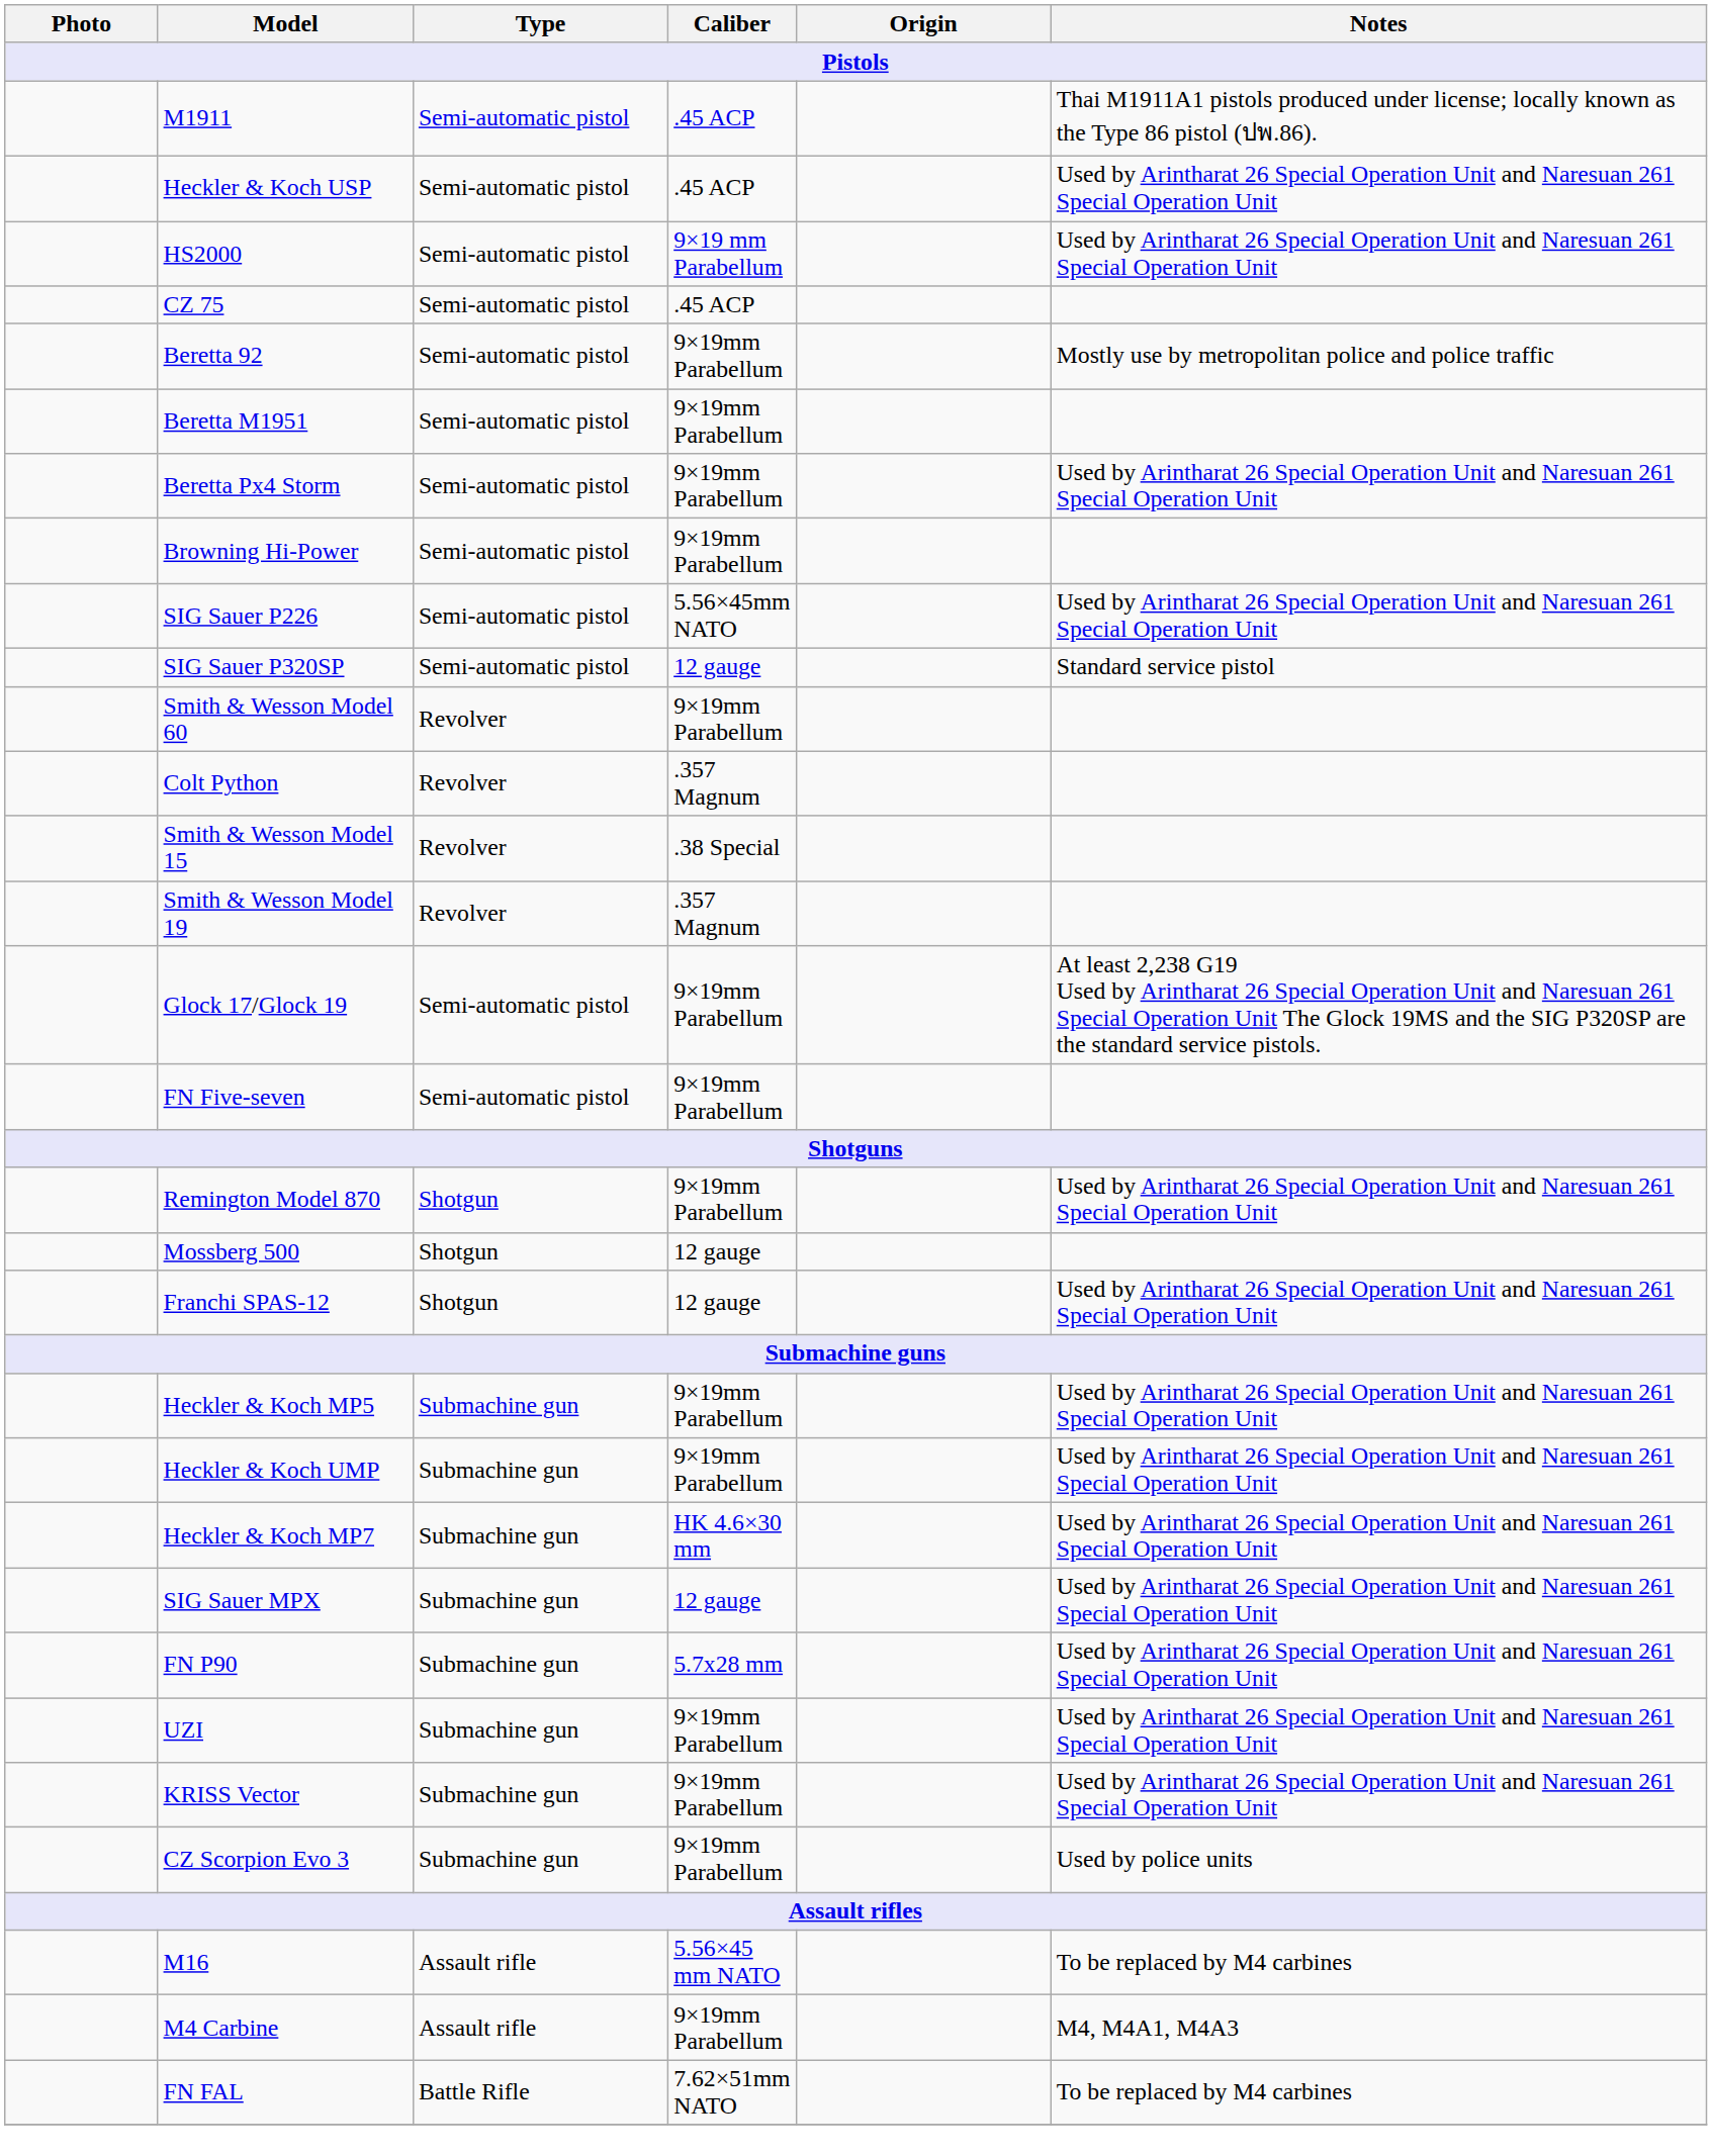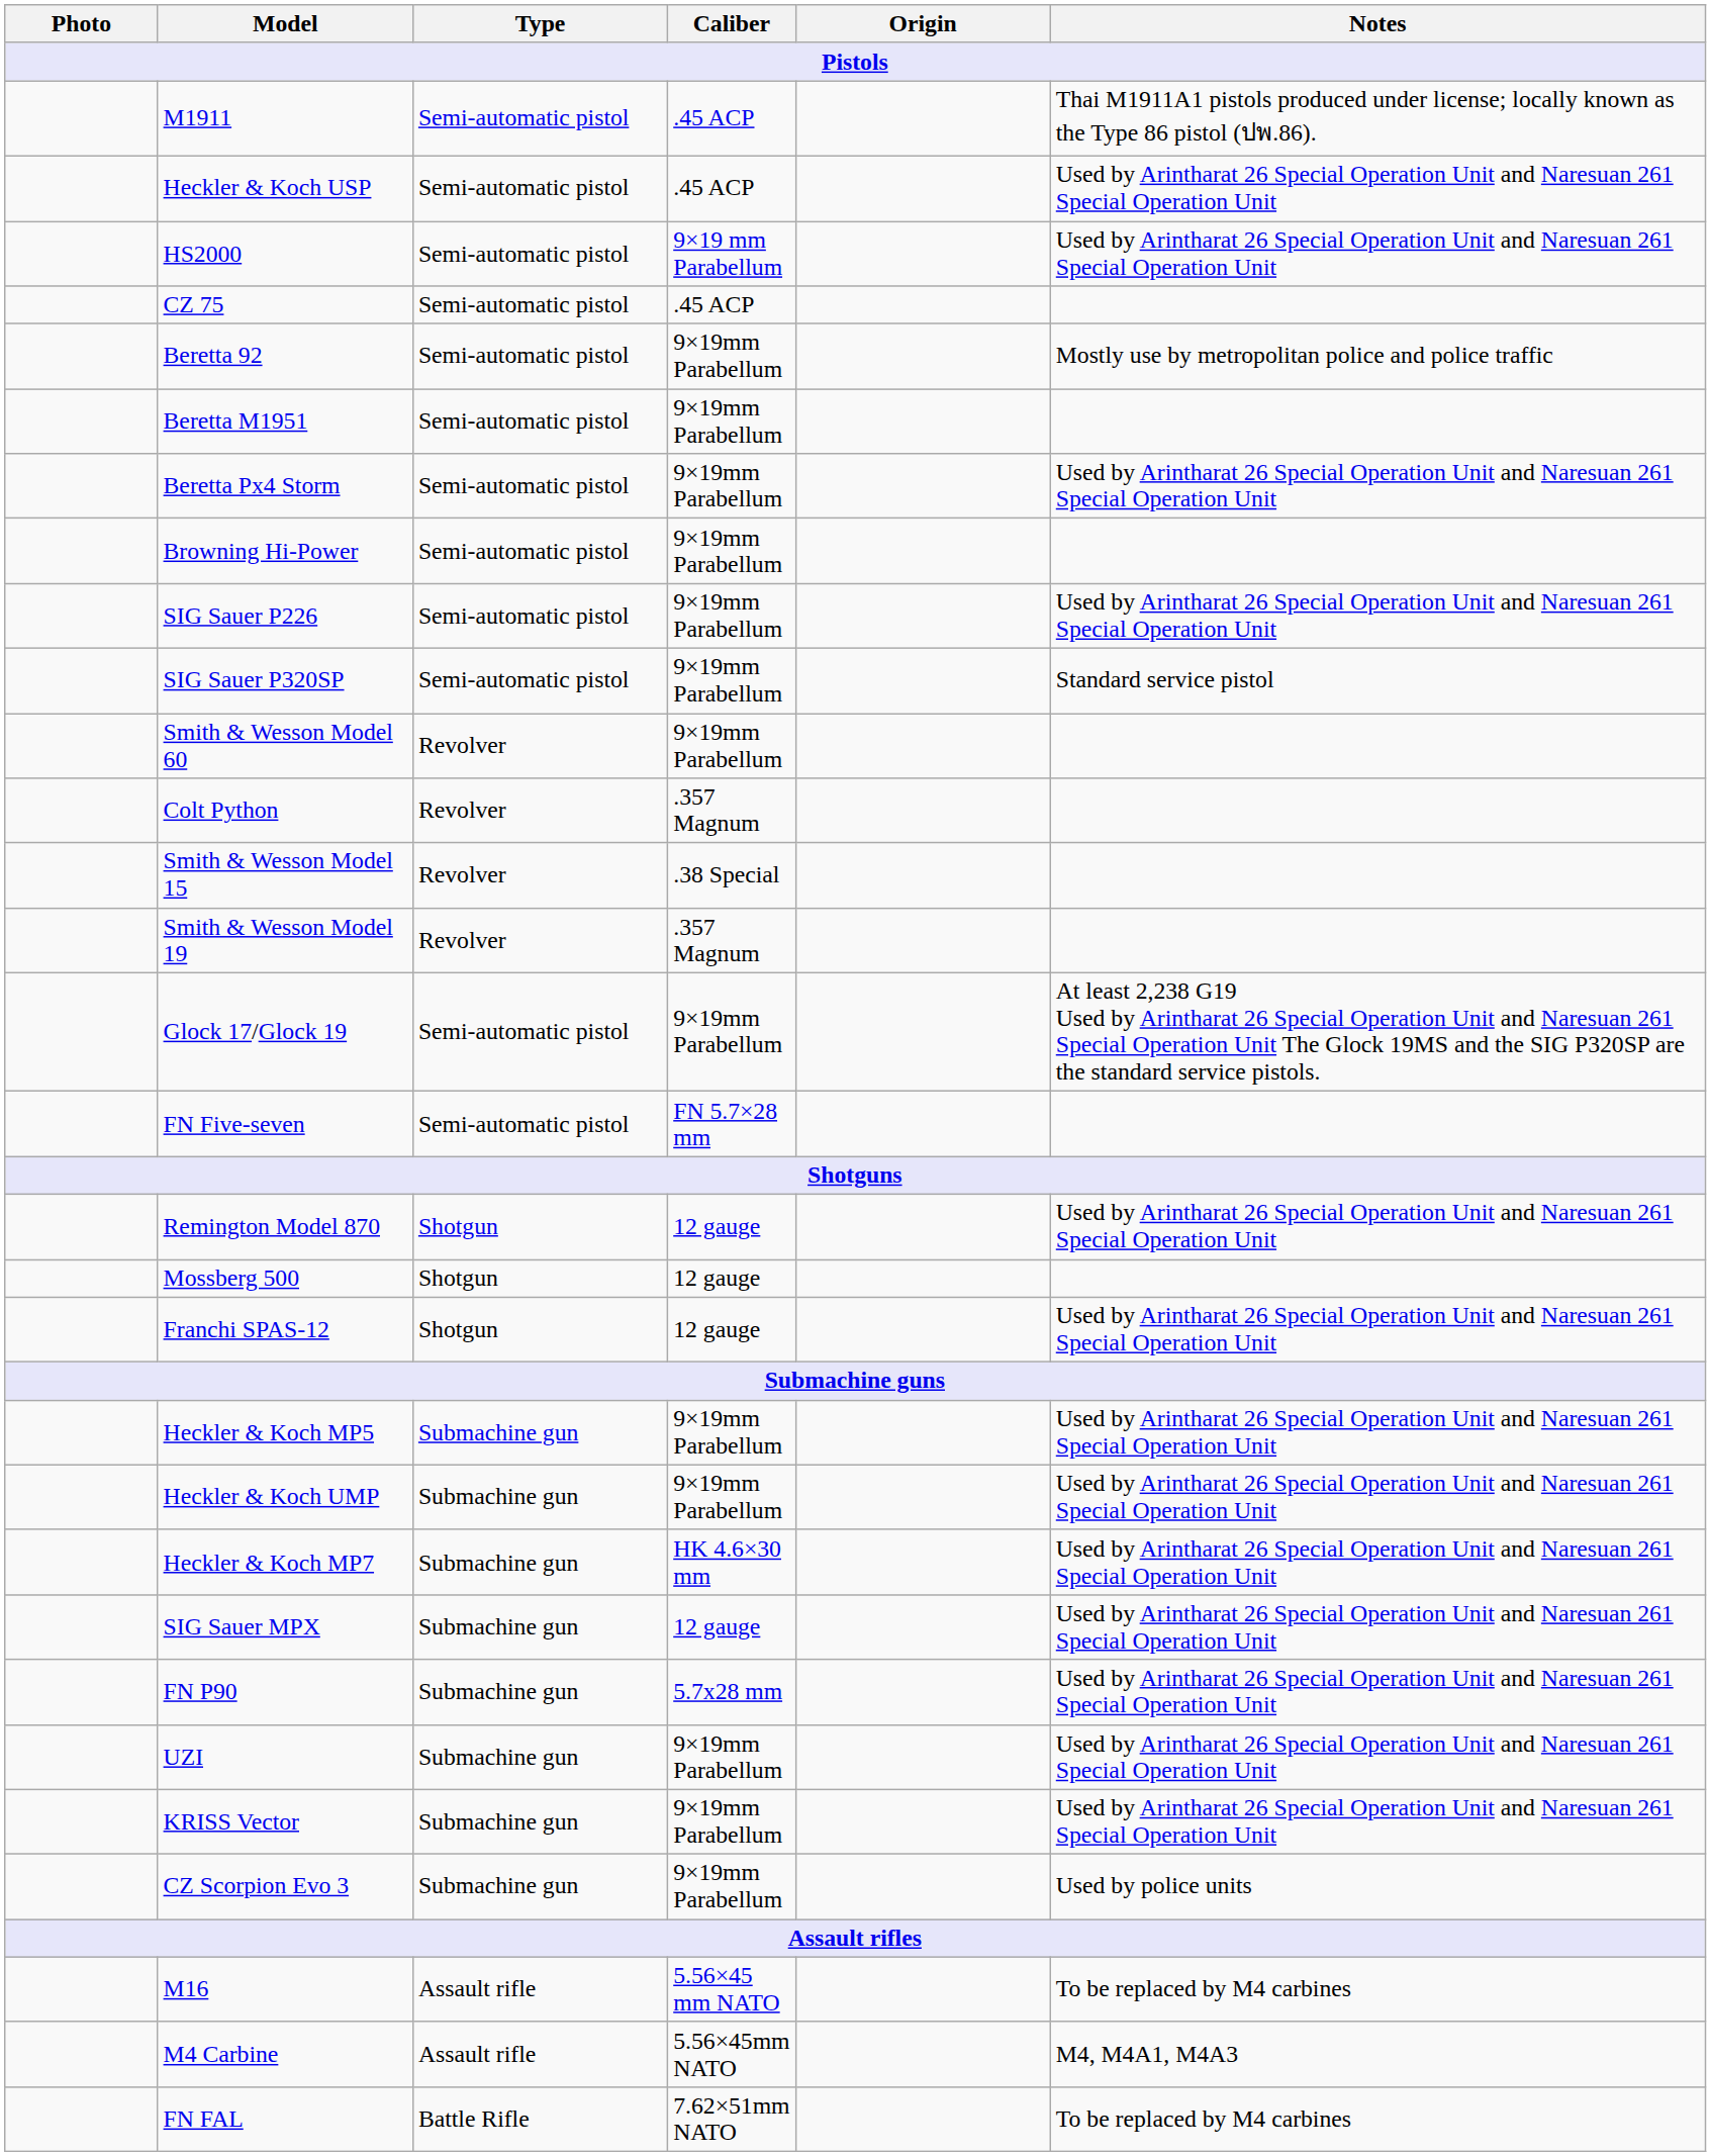 <table class="wikitable" style="width:90%;">
 <tr>
 <th style="width:9%;">Photo</th>
 <th style="width:15%;">Model</th>
 <th style="width:15%;">Type</th>
 <th style="width:5%;">Caliber</th>
 <th style="width:15%;">Origin</th>
 <th>Notes</th>
 </tr>
 <tr>
 <th style="align: centre; background: lavender;" colspan="7"><strong><a href='#'>Pistols</a></strong></th>
 </tr>
 <tr>
 <td></td>
 <td><a href='#'>M1911</a></td>
 <td><a href='#'>Semi-automatic pistol</a></td>
 <td><a href='#'>.45 ACP</a></td>
 <td><br></td>
 <td>Thai M1911A1 pistols produced under license; locally known as the Type 86 pistol (ปพ.86).</td>
 </tr>
 <tr>
 <td></td>
 <td><a href='#'>Heckler & Koch USP</a></td>
 <td>Semi-automatic pistol</td>
 <td>.45 ACP</td>
 <td></td>
 <td>Used by <a href='#'>Arintharat 26 Special Operation Unit</a> and <a href='#'>Naresuan 261 Special Operation Unit</a></td>
 </tr>
 <tr>
 <td></td>
 <td><a href='#'>HS2000</a></td>
 <td>Semi-automatic pistol</td>
 <td><a href='#'>9×19 mm Parabellum</a></td>
 <td></td>
 <td>Used by <a href='#'>Arintharat 26 Special Operation Unit</a> and <a href='#'>Naresuan 261 Special Operation Unit</a></td>
 </tr>
 <tr>
 <td></td>
 <td><a href='#'>CZ 75</a></td>
 <td>Semi-automatic pistol</td>
 <td>.45 ACP</td>
 <td></td>
 <td></td>
 </tr>
 <tr>
 <td></td>
 <td><a href='#'>Beretta 92</a></td>
 <td>Semi-automatic pistol</td>
 <td>9×19mm Parabellum</td>
 <td></td>
 <td>Mostly use by metropolitan police and police traffic</td>
 </tr>
 <tr>
 <td></td>
 <td><a href='#'>Beretta M1951</a></td>
 <td>Semi-automatic pistol</td>
 <td>9×19mm Parabellum</td>
 <td></td>
 <td></td>
 </tr>
 <tr>
 <td></td>
 <td><a href='#'>Beretta Px4 Storm</a></td>
 <td>Semi-automatic pistol</td>
 <td>9×19mm Parabellum</td>
 <td></td>
 <td>Used by <a href='#'>Arintharat 26 Special Operation Unit</a> and <a href='#'>Naresuan 261 Special Operation Unit</a></td>
 </tr>
 <tr>
 <td></td>
 <td><a href='#'>Browning Hi-Power</a></td>
 <td>Semi-automatic pistol</td>
 <td>9×19mm Parabellum</td>
 <td></td>
 <td></td>
 </tr>
 <tr>
 <td></td>
 <td><a href='#'>SIG Sauer P226</a></td>
 <td>Semi-automatic pistol</td>
-<td>5.56×45mm NATO</td>
+<td>9×19mm Parabellum</td>
 <td></td>
 <td>Used by <a href='#'>Arintharat 26 Special Operation Unit</a> and <a href='#'>Naresuan 261 Special Operation Unit</a></td>
 </tr>
 <tr>
 <td></td>
 <td><a href='#'>SIG Sauer P320SP</a></td>
 <td>Semi-automatic pistol</td>
-<td><a href='#'>12 gauge</a></td>
+<td>9×19mm Parabellum</td>
 <td></td>
 <td>Standard service pistol</td>
 </tr>
 <tr>
 <td></td>
 <td><a href='#'>Smith & Wesson Model 60</a></td>
 <td>Revolver</td>
 <td>9×19mm Parabellum</td>
 <td></td>
 <td></td>
 </tr>
 <tr>
 <td></td>
 <td><a href='#'>Colt Python</a></td>
 <td>Revolver</td>
 <td>.357 Magnum</td>
 <td></td>
 <td></td>
 </tr>
 <tr>
 <td></td>
 <td><a href='#'>Smith & Wesson Model 15</a></td>
 <td>Revolver</td>
 <td>.38 Special</td>
 <td></td>
 <td></td>
 </tr>
 <tr>
 <td></td>
 <td><a href='#'>Smith & Wesson Model 19</a></td>
 <td>Revolver</td>
 <td>.357 Magnum</td>
 <td></td>
 <td></td>
 </tr>
 <tr>
 <td></td>
 <td><a href='#'>Glock 17</a>/<a href='#'>Glock 19</a></td>
 <td>Semi-automatic pistol</td>
 <td>9×19mm Parabellum</td>
 <td></td>
 <td>At least 2,238 G19<br>Used by <a href='#'>Arintharat 26 Special Operation Unit</a> and <a href='#'>Naresuan 261 Special Operation Unit</a>  The Glock 19MS and the SIG P320SP are the standard service pistols.</td>
 </tr>
 <tr>
 <td></td>
 <td><a href='#'>FN Five-seven</a></td>
 <td>Semi-automatic pistol</td>
-<td>9×19mm Parabellum</td>
+<td><a href='#'>FN 5.7×28 mm</a></td>
 <td></td>
 <td></td>
 </tr>
 <tr>
 <th style="align: centre; background: lavender;" colspan="7"><strong><a href='#'>Shotguns</a></strong></th>
 </tr>
 <tr>
 <td></td>
 <td><a href='#'>Remington Model 870</a></td>
 <td><a href='#'>Shotgun</a></td>
-<td>9×19mm Parabellum</td>
+<td><a href='#'>12 gauge</a></td>
 <td></td>
 <td>Used by <a href='#'>Arintharat 26 Special Operation Unit</a> and <a href='#'>Naresuan 261 Special Operation Unit</a></td>
 </tr>
 <tr>
 <td></td>
 <td><a href='#'>Mossberg 500</a></td>
 <td>Shotgun</td>
 <td>12 gauge</td>
 <td></td>
 <td></td>
 </tr>
 <tr>
 <td></td>
 <td><a href='#'>Franchi SPAS-12</a></td>
 <td>Shotgun</td>
 <td>12 gauge</td>
 <td></td>
 <td>Used by <a href='#'>Arintharat 26 Special Operation Unit</a> and <a href='#'>Naresuan 261 Special Operation Unit</a></td>
 </tr>
 <tr>
 <th style="align: centre; background: lavender;" colspan="7"><strong><a href='#'>Submachine guns</a></strong></th>
 </tr>
 <tr>
 <td></td>
 <td><a href='#'>Heckler & Koch MP5</a></td>
 <td><a href='#'>Submachine gun</a></td>
 <td>9×19mm Parabellum</td>
 <td></td>
 <td>Used by <a href='#'>Arintharat 26 Special Operation Unit</a> and <a href='#'>Naresuan 261 Special Operation Unit</a></td>
 </tr>
 <tr>
 <td></td>
 <td><a href='#'>Heckler & Koch UMP</a></td>
 <td>Submachine gun</td>
 <td>9×19mm Parabellum</td>
 <td></td>
 <td>Used by <a href='#'>Arintharat 26 Special Operation Unit</a> and <a href='#'>Naresuan 261 Special Operation Unit</a></td>
 </tr>
 <tr>
 <td></td>
 <td><a href='#'>Heckler & Koch MP7</a></td>
 <td>Submachine gun</td>
 <td><a href='#'>HK 4.6×30 mm</a></td>
 <td></td>
 <td>Used by <a href='#'>Arintharat 26 Special Operation Unit</a> and <a href='#'>Naresuan 261 Special Operation Unit</a></td>
 </tr>
 <tr>
 <td></td>
 <td><a href='#'>SIG Sauer MPX</a></td>
 <td>Submachine gun</td>
 <td><a href='#'>12 gauge</a></td>
 <td></td>
 <td>Used by <a href='#'>Arintharat 26 Special Operation Unit</a> and <a href='#'>Naresuan 261 Special Operation Unit</a></td>
 </tr>
 <tr>
 <td></td>
 <td><a href='#'>FN P90</a></td>
 <td>Submachine gun</td>
 <td><a href='#'>5.7x28 mm</a></td>
 <td></td>
 <td>Used by <a href='#'>Arintharat 26 Special Operation Unit</a> and <a href='#'>Naresuan 261 Special Operation Unit</a></td>
 </tr>
 <tr>
 <td></td>
 <td><a href='#'>UZI</a></td>
 <td>Submachine gun</td>
 <td>9×19mm Parabellum</td>
 <td></td>
 <td>Used by <a href='#'>Arintharat 26 Special Operation Unit</a> and <a href='#'>Naresuan 261 Special Operation Unit</a></td>
 </tr>
 <tr>
 <td></td>
 <td><a href='#'>KRISS Vector</a></td>
 <td>Submachine gun</td>
 <td>9×19mm Parabellum</td>
 <td></td>
 <td>Used by <a href='#'>Arintharat 26 Special Operation Unit</a> and <a href='#'>Naresuan 261 Special Operation Unit</a></td>
 </tr>
 <tr>
 <td></td>
 <td><a href='#'>CZ Scorpion Evo 3</a></td>
 <td>Submachine gun</td>
 <td>9×19mm Parabellum</td>
 <td></td>
 <td>Used by police units</td>
 </tr>
 <tr>
 <th style="align: centre; background: lavender;" colspan="7"><strong><a href='#'>Assault rifles</a></strong></th>
 </tr>
 <tr>
 <td></td>
 <td><a href='#'>M16</a></td>
 <td>Assault rifle</td>
 <td><a href='#'>5.56×45 mm NATO</a></td>
 <td></td>
 <td>To be replaced by M4 carbines</td>
 </tr>
 <tr>
 <td></td>
 <td><a href='#'>M4 Carbine</a></td>
 <td>Assault rifle</td>
-<td>9×19mm Parabellum</td>
+<td>5.56×45mm NATO</td>
 <td></td>
 <td>M4, M4A1, M4A3</td>
 </tr>
 <tr>
 <td></td>
 <td><a href='#'>FN FAL</a></td>
 <td>Battle Rifle</td>
 <td>7.62×51mm NATO</td>
 <td></td>
 <td>To be replaced by M4 carbines</td>
 </tr>
 <tr>
 </tr>
 </table>
